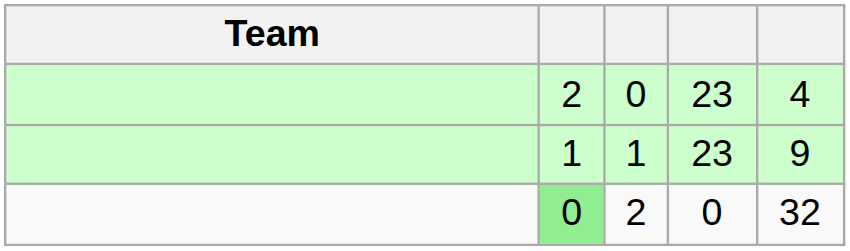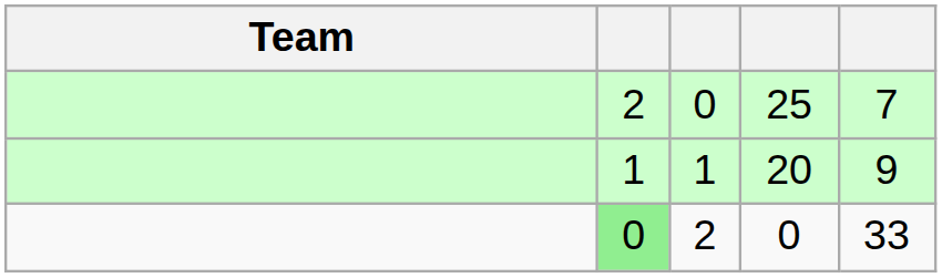 <table class="wikitable" style="text-align:center;">
 <tr>
 <th width=220>Team</th>
 <th width=20></th>
 <th width=20></th>
 <th width=30></th>
 <th width=30></th>
 </tr>
 <tr bgcolor="#ccffcc">
 <td align=left></td>
 <td>2</td>
 <td>0</td>
-<td>23</td>
-<td>4</td>
+<td>25</td>
+<td>7</td>
 </tr>
 <tr bgcolor="#ccffcc">
 <td align=left></td>
 <td>1</td>
 <td>1</td>
-<td>23</td>
+<td>20</td>
 <td>9</td>
 </tr>
 <tr>
 <td align=left></td>
 <td style="background: lightgreen;">0</td>
 <td>2</td>
 <td>0</td>
-<td>32</td>
+<td>33</td>
 </tr>
 </table>
